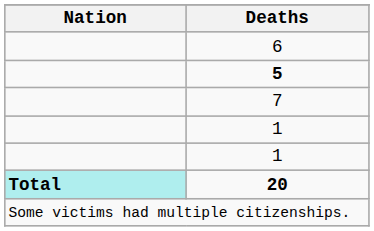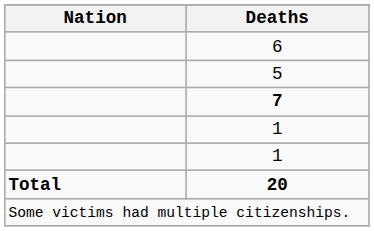 <table class="wikitable sortable floatright" style="font-size:85%; text-align:left; margin:0 0 1.5em 1.5em; width:230px">
 <tr>
 </tr>
 <tr>
 <th>Nation</th>
 <th data-sort-type="number">Deaths</th>
 </tr>
 <tr>
 <td></td>
 <td style="text-align:center;">6</td>
 </tr>
 <tr>
 <td></td>
-<td style="text-align:center;"><strong>5</strong></td>
+<td style="text-align:center;">5</td>
 </tr>
 <tr>
 <td></td>
-<td style="text-align:center;">7</td>
+<td style="text-align:center;"><strong>7</strong></td>
 </tr>
 <tr>
 <td></td>
 <td style="text-align:center;">1</td>
 </tr>
 <tr>
 <td></td>
 <td style="text-align:center;">1</td>
 </tr>
 <tr>
-<td style="background: paleturquoise;"><strong>Total</strong></td>
+<td><strong>Total</strong></td>
 <td style="text-align:center;"><strong>20</strong></td>
 </tr>
 <tr class="sortbottom">
 <td colspan=3 style="text-align:left;"><small>Some victims had multiple citizenships.</small></td>
 </tr>
 </table>
